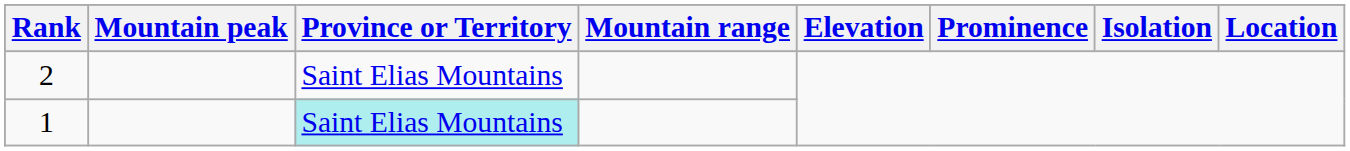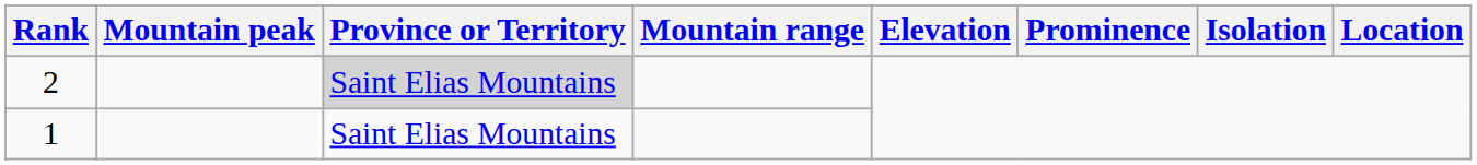 <table class="wikitable sortable">
 <tr>
 <th><a href='#'>Rank</a></th>
 <th><a href='#'>Mountain peak</a></th>
 <th><a href='#'>Province or Territory</a></th>
 <th><a href='#'>Mountain range</a></th>
 <th><a href='#'>Elevation</a></th>
 <th><a href='#'>Prominence</a></th>
 <th><a href='#'>Isolation</a></th>
 <th><a href='#'>Location</a></th>
 </tr>
 <tr>
 <td align=center>2<br></td>
 <td><br></td>
-<td><a href='#'>Saint Elias Mountains</a><br></td>
+<td style="background: lightgrey;"><a href='#'>Saint Elias Mountains</a><br></td>
 <td></td>
 </tr>
 <tr>
 <td align=center>1<br></td>
 <td></td>
-<td style="background: paleturquoise;"><a href='#'>Saint Elias Mountains</a><br></td>
+<td><a href='#'>Saint Elias Mountains</a><br></td>
 <td></td>
 </tr>
 </table>
